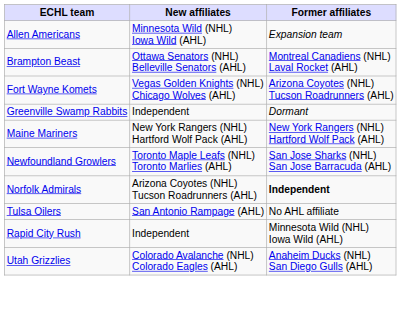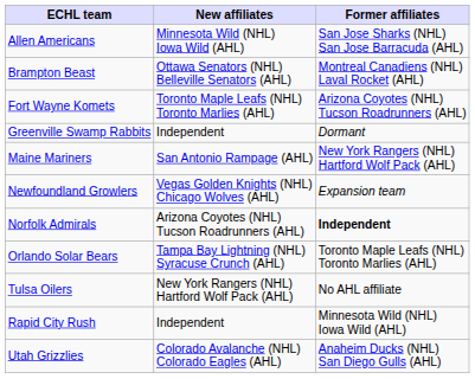 <table class="wikitable">
 <tr>
 <th style="background:#ddf">ECHL team</th>
 <th style="background:#ddf">New affiliates</th>
 <th style="background:#ddf">Former affiliates</th>
 </tr>
 <tr>
 <td><a href='#'>Allen Americans</a></td>
 <td><a href='#'>Minnesota Wild</a> (NHL)<br><a href='#'>Iowa Wild</a> (AHL)</td>
-<td><em>Expansion team</em></td>
+<td><a href='#'>San Jose Sharks</a> (NHL)<br><a href='#'>San Jose Barracuda</a> (AHL)</td>
 </tr>
 <tr>
 <td><a href='#'>Brampton Beast</a></td>
 <td><a href='#'>Ottawa Senators</a> (NHL)<br><a href='#'>Belleville Senators</a> (AHL)</td>
 <td><a href='#'>Montreal Canadiens</a> (NHL)<br><a href='#'>Laval Rocket</a> (AHL)</td>
 </tr>
 <tr>
 <td><a href='#'>Fort Wayne Komets</a></td>
-<td><a href='#'>Vegas Golden Knights</a> (NHL)<br><a href='#'>Chicago Wolves</a> (AHL)</td>
+<td><a href='#'>Toronto Maple Leafs</a> (NHL)<br><a href='#'>Toronto Marlies</a> (AHL)</td>
 <td><a href='#'>Arizona Coyotes</a> (NHL)<br><a href='#'>Tucson Roadrunners</a> (AHL)</td>
 </tr>
 <tr>
 <td><a href='#'>Greenville Swamp Rabbits</a></td>
 <td>Independent</td>
 <td><em>Dormant</em></td>
 </tr>
 <tr>
 <td><a href='#'>Maine Mariners</a></td>
-<td>New York Rangers (NHL)<br>Hartford Wolf Pack (AHL)</td>
+<td><a href='#'>San Antonio Rampage</a> (AHL)</td>
 <td><a href='#'>New York Rangers</a> (NHL)<br><a href='#'>Hartford Wolf Pack</a> (AHL)</td>
 </tr>
 <tr>
 <td><a href='#'>Newfoundland Growlers</a></td>
-<td><a href='#'>Toronto Maple Leafs</a> (NHL)<br><a href='#'>Toronto Marlies</a> (AHL)</td>
-<td><a href='#'>San Jose Sharks</a> (NHL)<br><a href='#'>San Jose Barracuda</a> (AHL)</td>
+<td><a href='#'>Vegas Golden Knights</a> (NHL)<br><a href='#'>Chicago Wolves</a> (AHL)</td>
+<td><em>Expansion team</em></td>
 </tr>
 <tr>
 <td><a href='#'>Norfolk Admirals</a></td>
 <td>Arizona Coyotes (NHL)<br>Tucson Roadrunners (AHL)</td>
 <td><strong>Independent</strong></td>
 </tr>
 <tr>
+<td><a href='#'>Orlando Solar Bears</a></td>
+<td><a href='#'>Tampa Bay Lightning</a> (NHL)<br><a href='#'>Syracuse Crunch</a> (AHL)</td>
+<td>Toronto Maple Leafs (NHL)<br>Toronto Marlies (AHL)</td>
+</tr>
+<tr>
 <td><a href='#'>Tulsa Oilers</a></td>
-<td><a href='#'>San Antonio Rampage</a> (AHL)</td>
+<td>New York Rangers (NHL)<br>Hartford Wolf Pack (AHL)</td>
 <td>No AHL affiliate</td>
 </tr>
 <tr>
 <td><a href='#'>Rapid City Rush</a></td>
 <td>Independent</td>
 <td>Minnesota Wild (NHL)<br>Iowa Wild (AHL)</td>
 </tr>
 <tr>
 <td><a href='#'>Utah Grizzlies</a></td>
 <td><a href='#'>Colorado Avalanche</a> (NHL)<br><a href='#'>Colorado Eagles</a> (AHL)</td>
 <td><a href='#'>Anaheim Ducks</a> (NHL)<br><a href='#'>San Diego Gulls</a> (AHL)</td>
 </tr>
 </table>
